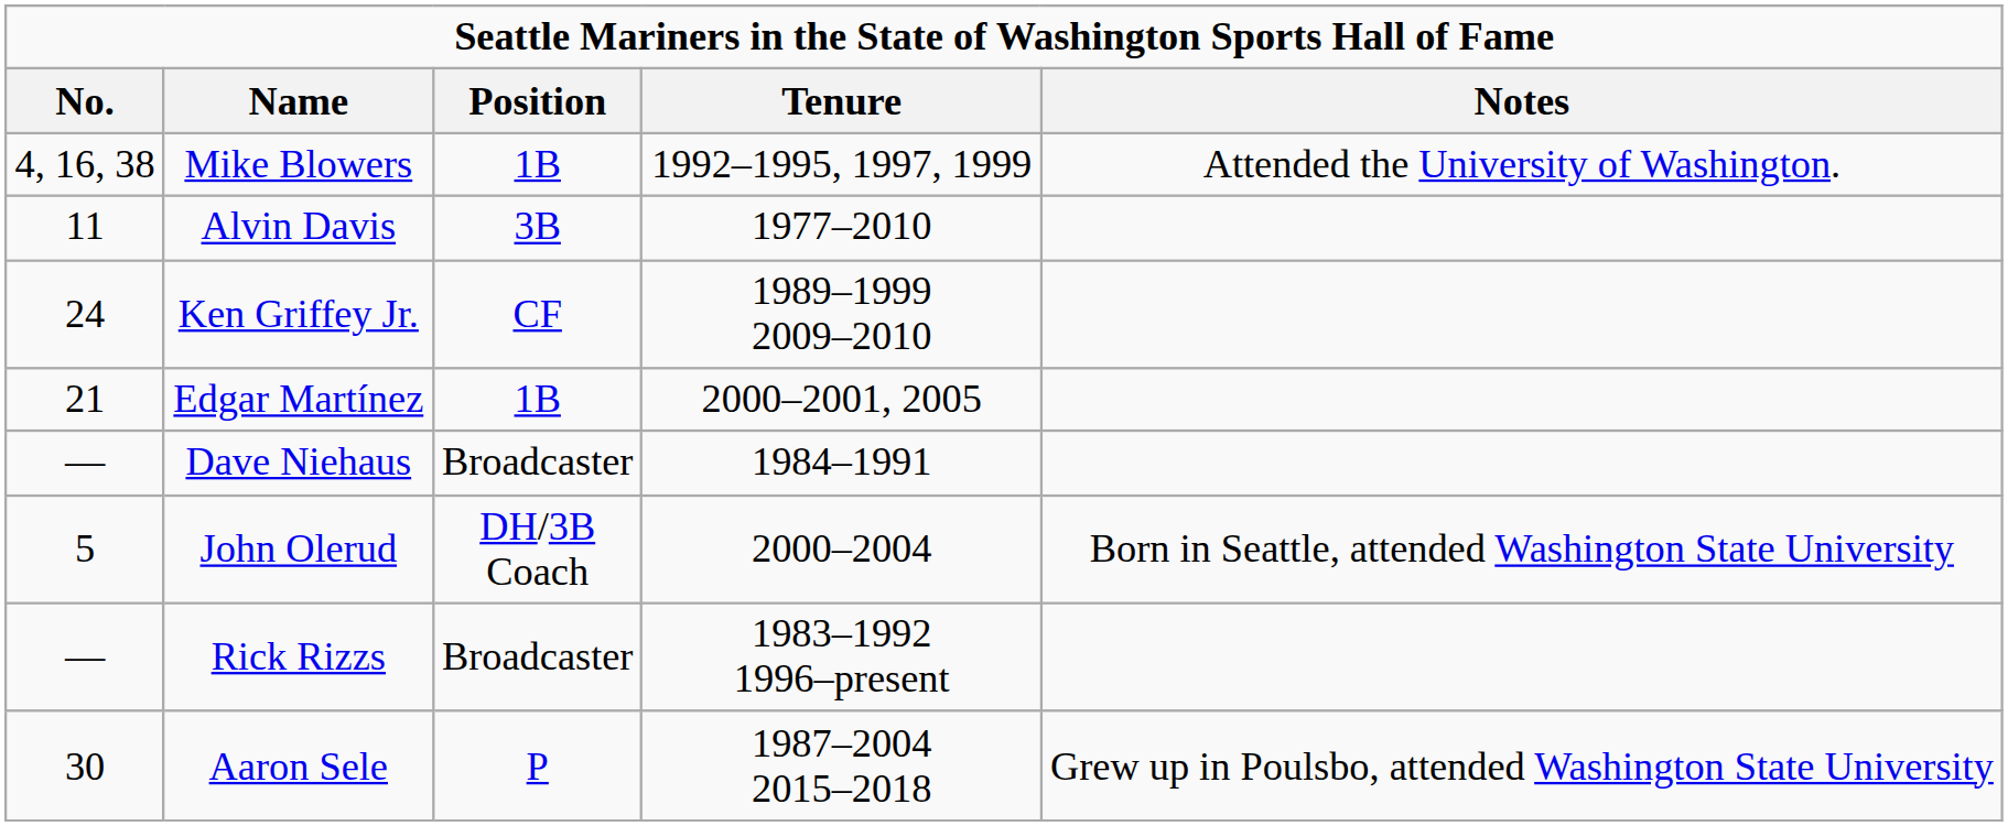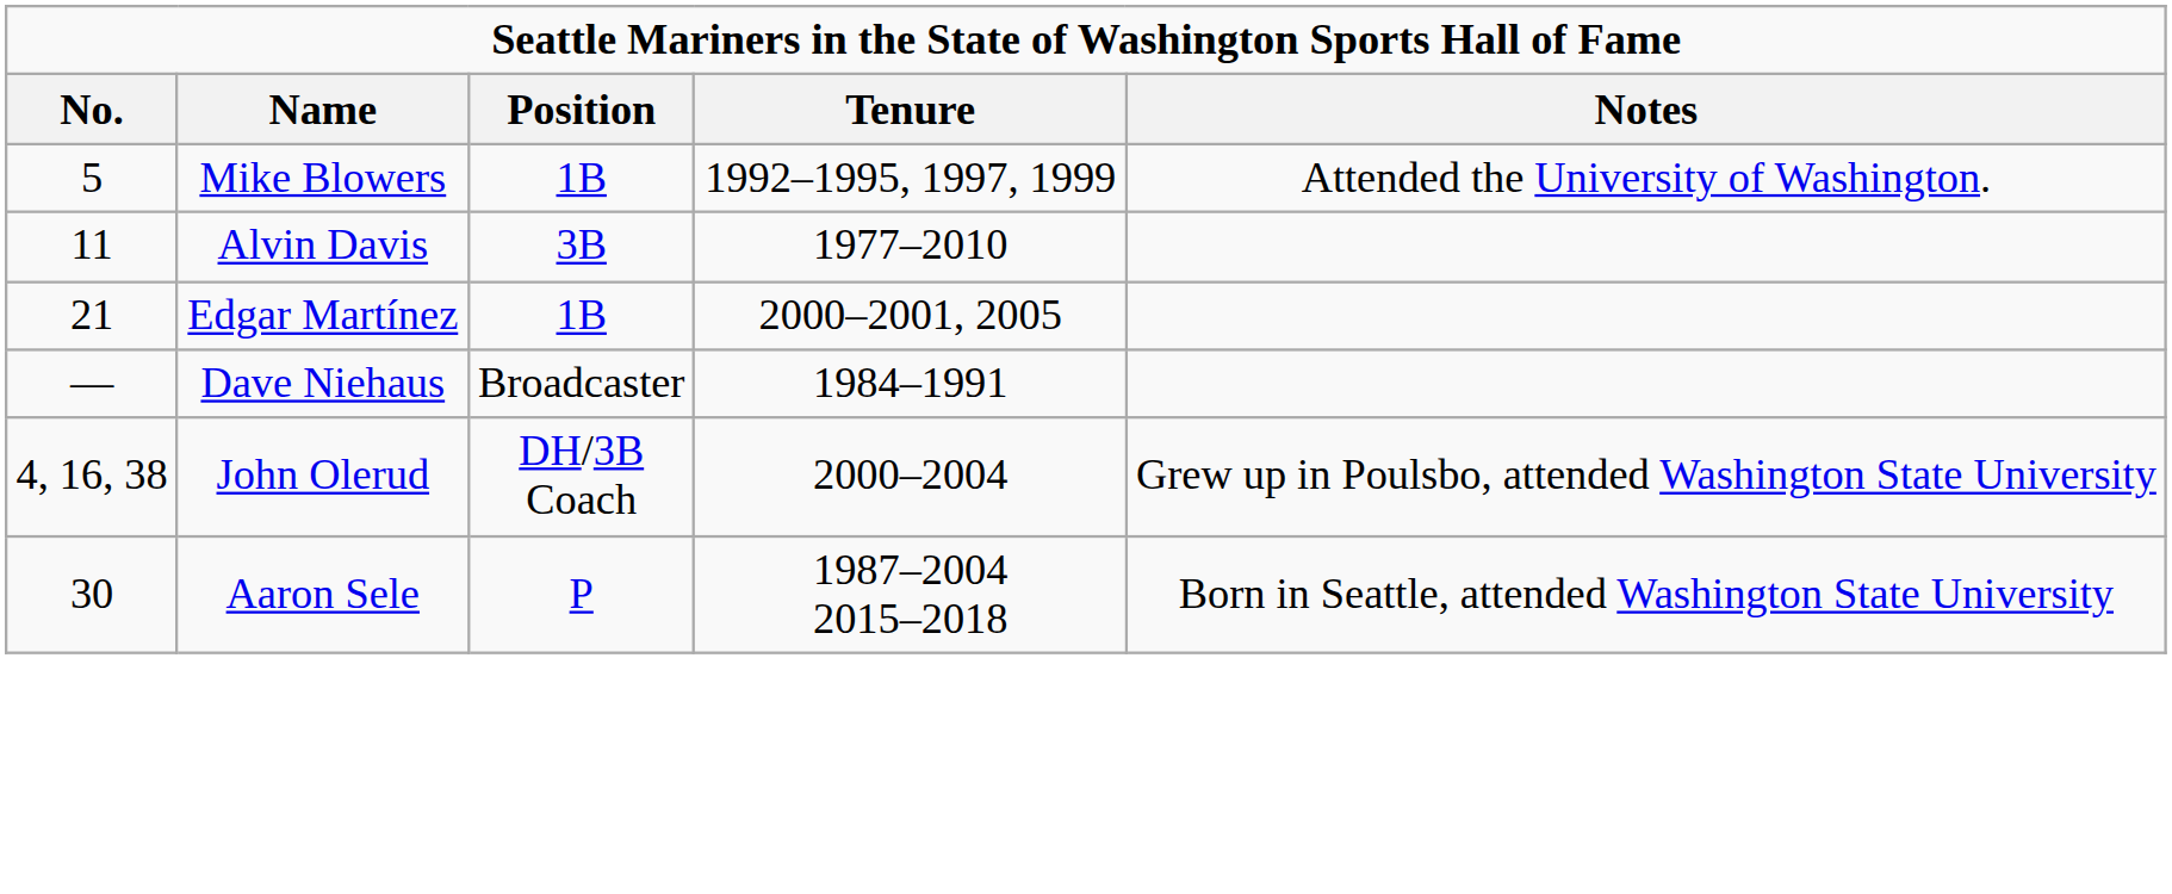 <table class="wikitable" style="text-align:center">
 <tr>
 <td colspan="5"><strong>Seattle Mariners in the State of Washington Sports Hall of Fame</strong></td>
 </tr>
 <tr>
 <th>No.</th>
 <th>Name</th>
 <th>Position</th>
 <th>Tenure</th>
 <th>Notes</th>
 </tr>
 <tr>
-<td>4, 16, 38</td>
+<td>5</td>
 <td><a href='#'>Mike Blowers</a></td>
 <td><a href='#'>1B</a></td>
 <td>1992–1995, 1997, 1999</td>
 <td>Attended the <a href='#'>University of Washington</a>.</td>
 </tr>
 <tr>
 <td>11</td>
 <td><a href='#'>Alvin Davis</a></td>
 <td><a href='#'>3B</a></td>
 <td>1977–2010</td>
-<td></td>
-</tr>
-<tr>
-<td>24</td>
-<td><a href='#'>Ken Griffey Jr.</a></td>
-<td><a href='#'>CF</a></td>
-<td>1989–1999<br>2009–2010</td>
 <td></td>
 </tr>
 <tr>
 <td>21</td>
 <td><a href='#'>Edgar Martínez</a></td>
 <td><a href='#'>1B</a></td>
 <td>2000–2001, 2005</td>
 <td></td>
 </tr>
 <tr>
 <td>—</td>
 <td><a href='#'>Dave Niehaus</a></td>
 <td>Broadcaster</td>
 <td>1984–1991</td>
 <td></td>
 </tr>
 <tr>
-<td>5</td>
+<td>4, 16, 38</td>
 <td><a href='#'>John Olerud</a></td>
 <td><a href='#'>DH</a>/<a href='#'>3B</a><br>Coach</td>
 <td>2000–2004</td>
-<td>Born in Seattle, attended <a href='#'>Washington State University</a></td>
-</tr>
-<tr>
-<td>—</td>
-<td><a href='#'>Rick Rizzs</a></td>
-<td>Broadcaster</td>
-<td>1983–1992<br>1996–present</td>
-<td></td>
+<td>Grew up in Poulsbo, attended <a href='#'>Washington State University</a></td>
 </tr>
 <tr>
 <td>30</td>
 <td><a href='#'>Aaron Sele</a></td>
 <td><a href='#'>P</a></td>
 <td>1987–2004<br>2015–2018</td>
-<td>Grew up in Poulsbo, attended <a href='#'>Washington State University</a></td>
+<td>Born in Seattle, attended <a href='#'>Washington State University</a></td>
 </tr>
 </table>
